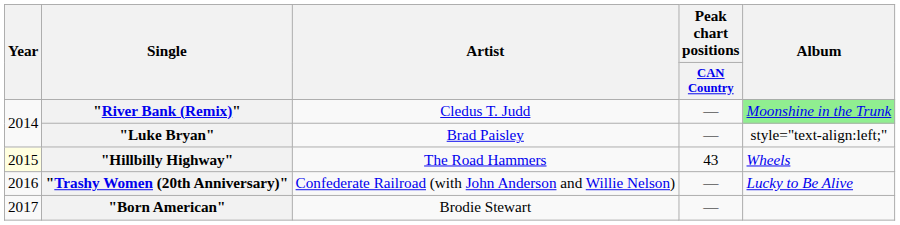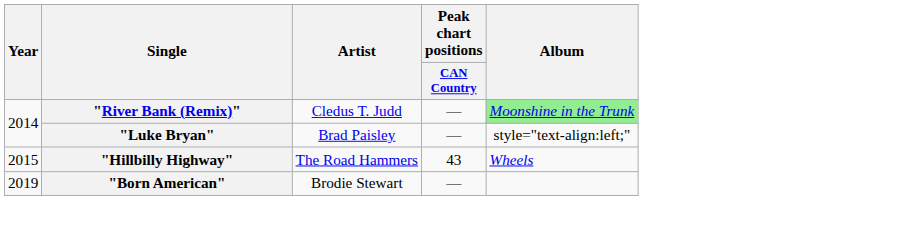 <table class="wikitable plainrowheaders" style="text-align:center;">
 <tr>
 <th rowspan="2">Year</th>
 <th rowspan="2" style="width:16em;">Single</th>
 <th rowspan="2">Artist</th>
 <th colspan="1">Peak chart<br>positions</th>
 <th rowspan="2">Album</th>
 </tr>
 <tr style="font-size:smaller;">
 <th style="width:45px;"><a href='#'>CAN Country</a><br></th>
 </tr>
 <tr>
 <td rowspan=2>2014</td>
 <th scope="row">"<a href='#'>River Bank (Remix)</a>"</th>
 <td><a href='#'>Cledus T. Judd</a></td>
 <td>—</td>
 <td style="background: lightgreen; text-align:left;"><em><a href='#'>Moonshine in the Trunk</a></em></td>
 </tr>
 <tr>
 <th scope="row">"Luke Bryan"</th>
 <td><a href='#'>Brad Paisley</a></td>
 <td>—</td>
 <td>style="text-align:left;"</td>
 </tr>
 <tr>
-<td style="background: lightyellow;">2015</td>
+<td>2015</td>
 <th scope="row">"Hillbilly Highway"</th>
 <td><a href='#'>The Road Hammers</a></td>
 <td>43</td>
 <td style="text-align:left;"><em><a href='#'>Wheels</a></em></td>
 </tr>
 <tr>
-<td>2016</td>
-<th scope="row">"<a href='#'>Trashy Women</a> (20th Anniversary)"</th>
-<td><a href='#'>Confederate Railroad</a> (with <a href='#'>John Anderson</a> and <a href='#'>Willie Nelson</a>)</td>
-<td>—</td>
-<td style="text-align:left;"><em><a href='#'>Lucky to Be Alive</a></em></td>
-</tr>
-<tr>
-<td>2017</td>
+<td>2019</td>
 <th scope="row">"Born American"</th>
 <td>Brodie Stewart</td>
 <td>—</td>
 <td></td>
 </tr>
 </table>
